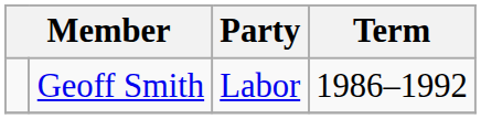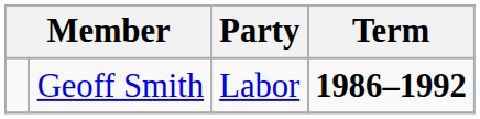 <table class="wikitable">
 <tr>
 <th colspan="2">Member</th>
 <th>Party</th>
 <th>Term</th>
 </tr>
 <tr>
 <td> </td>
 <td><a href='#'>Geoff Smith</a></td>
 <td><a href='#'>Labor</a></td>
-<td>1986–1992</td>
+<td><strong>1986–1992</strong></td>
 </tr>
 <tr>
 </tr>
 </table>
